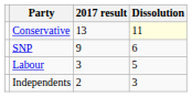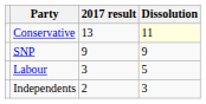 <table class="wikitable">
 <tr>
 <th></th>
 <th span="col">Party</th>
 <th span="col">2017 result</th>
 <th span="col">Dissolution</th>
 </tr>
 <tr>
 <td style="background:"></td>
 <td span="row"><a href='#'>Conservative</a></td>
 <td>13</td>
 <td style="background: lightyellow;">11</td>
 </tr>
 <tr>
 <td style="background:"></td>
 <td span="row"><a href='#'>SNP</a></td>
 <td>9</td>
-<td>6</td>
+<td>9</td>
 </tr>
 <tr>
 <td style="background:"></td>
 <td span="row"><a href='#'>Labour</a></td>
 <td>3</td>
 <td>5</td>
 </tr>
 <tr>
 <td style="background:"></td>
 <td span="row">Independents</td>
 <td>2</td>
 <td>3</td>
 </tr>
 </table>
